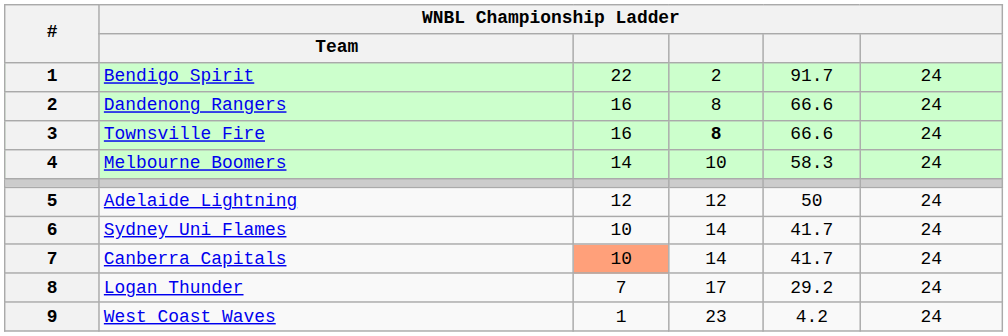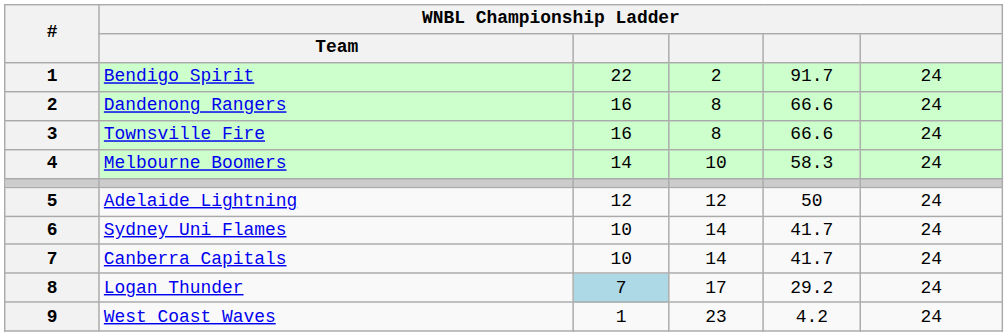 <table class="wikitable" width="43.5%" style="font-size:95%; text-align:center">
 <tr>
 <th width="5%" rowspan=2>#</th>
 <th colspan="6" align="center">WNBL Championship Ladder</th>
 </tr>
 <tr>
 <th width="25%">Team</th>
 <th width="5%"></th>
 <th width="5%"></th>
 <th width="5%"></th>
 <th width="7.5%"></th>
 </tr>
 <tr style="background-color:#CCFFCC">
 <th>1</th>
 <td style="text-align:left;"><a href='#'>Bendigo Spirit</a></td>
 <td>22</td>
 <td>2</td>
 <td>91.7</td>
 <td>24</td>
 </tr>
 <tr style="background-color:#CCFFCC">
 <th>2</th>
 <td style="text-align:left;"><a href='#'>Dandenong Rangers</a></td>
 <td>16</td>
 <td>8</td>
 <td>66.6</td>
 <td>24</td>
 </tr>
 <tr style="background-color:#CCFFCC">
 <th>3</th>
 <td style="text-align:left;"><a href='#'>Townsville Fire</a></td>
 <td>16</td>
-<td><strong>8</strong></td>
+<td>8</td>
 <td>66.6</td>
 <td>24</td>
 </tr>
 <tr style="background-color:#CCFFCC">
 <th>4</th>
 <td style="text-align:left;"><a href='#'>Melbourne Boomers</a></td>
 <td>14</td>
 <td>10</td>
 <td>58.3</td>
 <td>24</td>
 </tr>
 <tr style="background-color:#cccccc;">
 <td></td>
 <td></td>
 <td></td>
 <td></td>
 <td></td>
 <td></td>
 </tr>
 <tr>
 <th>5</th>
 <td style="text-align:left;"><a href='#'>Adelaide Lightning</a></td>
 <td>12</td>
 <td>12</td>
 <td>50</td>
 <td>24</td>
 </tr>
 <tr>
 <th>6</th>
 <td style="text-align:left;"><a href='#'>Sydney Uni Flames</a></td>
 <td>10</td>
 <td>14</td>
 <td>41.7</td>
 <td>24</td>
 </tr>
 <tr>
 <th>7</th>
 <td style="text-align:left;"><a href='#'>Canberra Capitals</a></td>
-<td style="background: lightsalmon;">10</td>
+<td>10</td>
 <td>14</td>
 <td>41.7</td>
 <td>24</td>
 </tr>
 <tr>
 <th>8</th>
 <td style="text-align:left;"><a href='#'>Logan Thunder</a></td>
-<td>7</td>
+<td style="background: lightblue;">7</td>
 <td>17</td>
 <td>29.2</td>
 <td>24</td>
 </tr>
 <tr>
 <th>9</th>
 <td style="text-align:left;"><a href='#'>West Coast Waves</a></td>
 <td>1</td>
 <td>23</td>
 <td>4.2</td>
 <td>24</td>
 </tr>
 </table>
